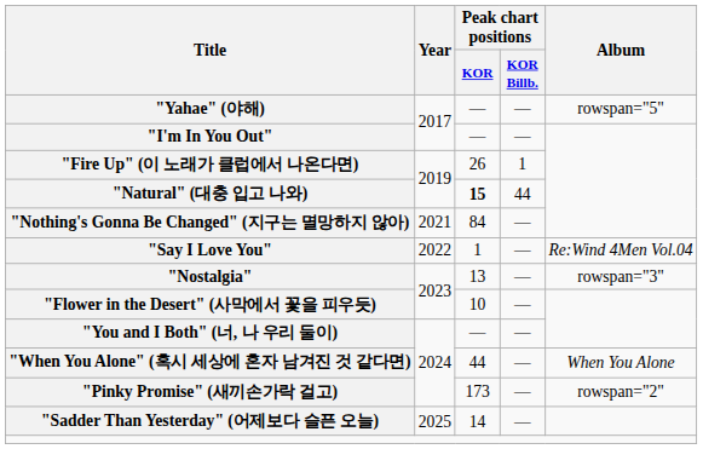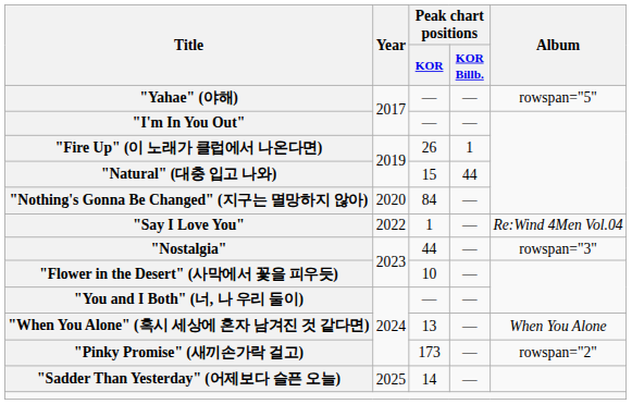 <table class="wikitable plainrowheaders" style="text-align:center;">
 <tr>
 <th scope="col" rowspan="2">Title</th>
 <th scope="col" rowspan="2">Year</th>
 <th scope="col" colspan="2" style="width:5em;">Peak chart positions</th>
 <th scope="col" rowspan="2">Album</th>
 </tr>
 <tr>
 <th><small><a href='#'>KOR</a></small><br></th>
 <th><small><a href='#'>KOR<br>Billb.</a></small><br></th>
 </tr>
 <tr>
 <th scope="row">"Yahae" (야해)</th>
 <td rowspan="2">2017</td>
 <td>—</td>
 <td>—</td>
 <td>rowspan="5" </td>
 </tr>
 <tr>
 <th scope="row">"I'm In You Out"<br></th>
 <td>—</td>
 <td>—</td>
 </tr>
 <tr>
 <th scope="row">"Fire Up" (이 노래가 클럽에서 나온다면)</th>
 <td rowspan="2">2019</td>
 <td>26</td>
 <td>1</td>
 </tr>
 <tr>
 <th scope="row">"Natural" (대충 입고 나와)</th>
-<td><strong>15</strong></td>
+<td>15</td>
 <td>44</td>
 </tr>
 <tr>
 <th scope="row">"Nothing's Gonna Be Changed" (지구는 멸망하지 않아)</th>
-<td>2021</td>
+<td>2020</td>
 <td>84</td>
 <td>—</td>
 </tr>
 <tr>
 <th scope="row">"Say I Love You"</th>
 <td>2022</td>
 <td>1</td>
 <td>—</td>
 <td><em>Re:Wind 4Men Vol.04</em></td>
 </tr>
 <tr>
 <th scope="row">"Nostalgia"</th>
 <td rowspan="2">2023</td>
-<td>13</td>
+<td>44</td>
 <td>—</td>
 <td>rowspan="3" </td>
 </tr>
 <tr>
 <th scope="row">"Flower in the Desert" (사막에서 꽃을 피우듯)</th>
 <td>10</td>
 <td>—</td>
 </tr>
 <tr>
 <th scope="row">"You and I Both" (너, 나 우리 둘이)</th>
 <td rowspan="3">2024</td>
 <td>—</td>
 <td>—</td>
 </tr>
 <tr>
 <th scope="row">"When You Alone" (혹시 세상에 혼자 남겨진 것 같다면)</th>
-<td>44</td>
+<td>13</td>
 <td>—</td>
 <td><em>When You Alone</em></td>
 </tr>
 <tr>
 <th scope="row">"Pinky Promise" (새끼손가락 걸고)</th>
 <td>173</td>
 <td>—</td>
 <td>rowspan="2" </td>
 </tr>
 <tr>
 <th scope="row">"Sadder Than Yesterday" (어제보다 슬픈 오늘)</th>
 <td>2025</td>
 <td>14</td>
 <td>—</td>
 </tr>
 <tr>
 <td colspan="5"></td>
 </tr>
 </table>
